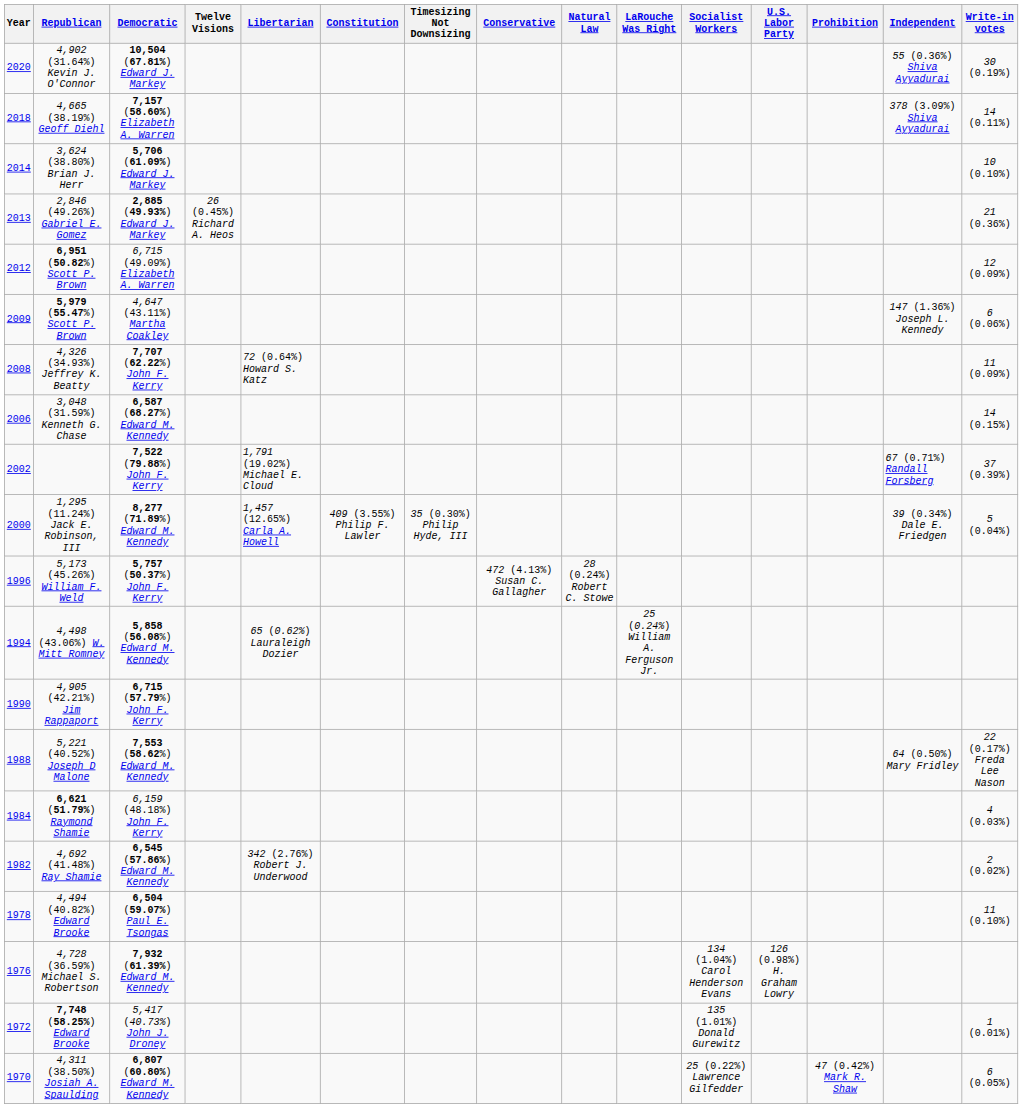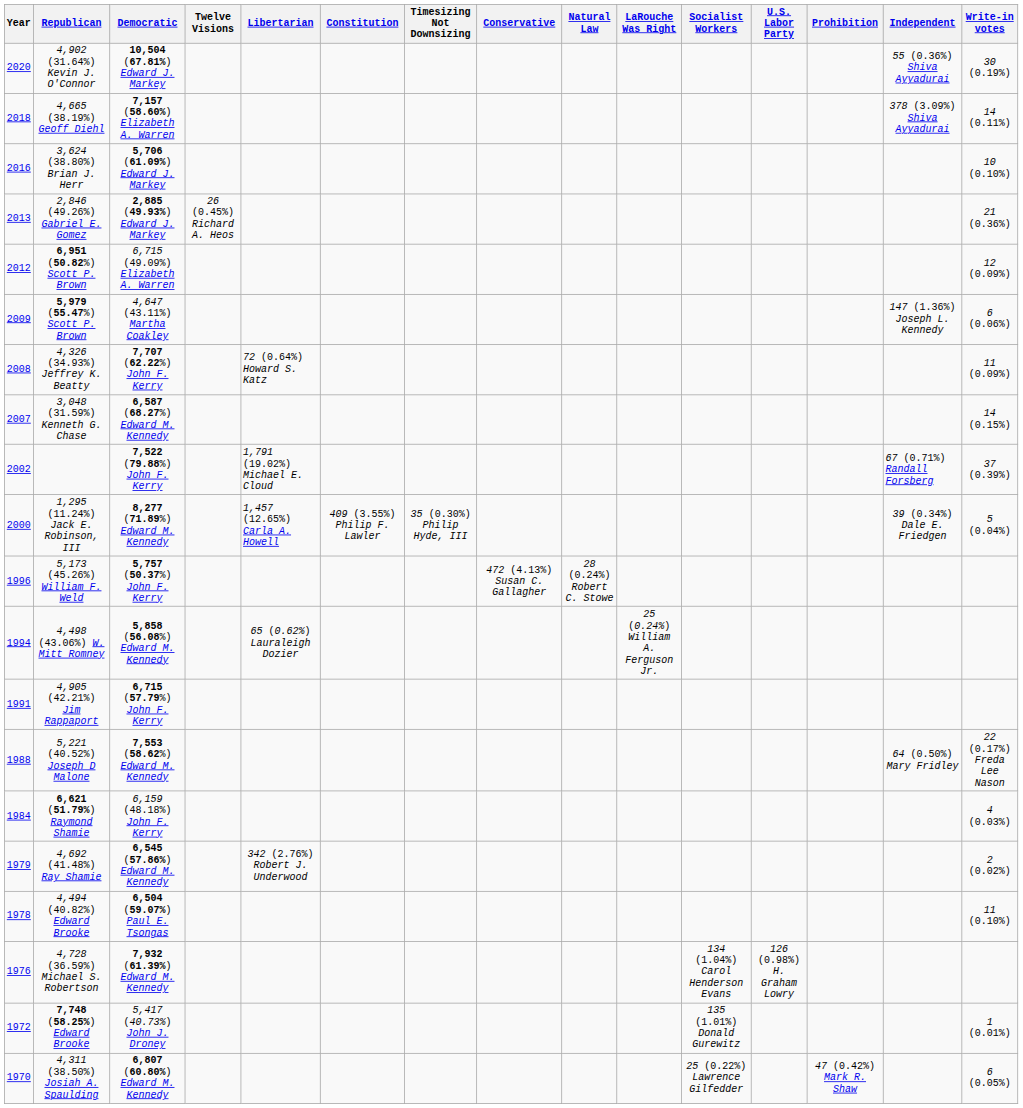 <table class="wikitable sortable mw-collapsible mw-collapsed" style="font-size:95%;">
 <tr style="background:lightgrey;">
 <th>Year</th>
 <th><a href='#'>Republican</a></th>
 <th><a href='#'>Democratic</a></th>
 <th>Twelve Visions</th>
 <th><a href='#'>Libertarian</a></th>
 <th><a href='#'>Constitution</a></th>
 <th>Timesizing Not Downsizing</th>
 <th><a href='#'>Conservative</a></th>
 <th><a href='#'>Natural Law</a></th>
 <th><a href='#'>LaRouche Was Right</a></th>
 <th><a href='#'>Socialist Workers</a></th>
 <th><a href='#'>U.S. Labor Party</a></th>
 <th><a href='#'>Prohibition</a></th>
 <th><a href='#'>Independent</a></th>
 <th><a href='#'>Write-in votes</a></th>
 </tr>
 <tr>
 <td style="text-align:center;" ><a href='#'>2020</a></td>
 <td style="text-align:center;" ><em>4,902</em> (31.64%) <em>Kevin J. O'Connor</em></td>
 <td style="text-align:center" ><strong>10,504</strong> (<strong>67.81%</strong>) <a href='#'><em>Edward J. Markey</em></a></td>
 <td></td>
 <td></td>
 <td></td>
 <td></td>
 <td></td>
 <td></td>
 <td></td>
 <td></td>
 <td></td>
 <td></td>
 <td style="text-align:center;" ><em>55</em> (0.36%) <em><a href='#'>Shiva Ayyadurai</a></em></td>
 <td style="text-align:center;"><em>30</em> (0.19%)</td>
 </tr>
 <tr>
 <td style="text-align:center;" ><a href='#'>2018</a></td>
 <td style="text-align:center;" ><em>4,665</em> (38.19%) <em><a href='#'>Geoff Diehl</a></em></td>
 <td style="text-align:center; " ><strong>7,157</strong> (<strong>58.60%</strong>) <a href='#'><em>Elizabeth A. Warren</em></a></td>
 <td></td>
 <td></td>
 <td></td>
 <td></td>
 <td></td>
 <td></td>
 <td></td>
 <td></td>
 <td></td>
 <td></td>
 <td style="text-align:center;" ><em>378</em> (3.09%) <em><a href='#'>Shiva Ayyadurai</a></em></td>
 <td style="text-align:center;"><em>14</em> (0.11%)</td>
 </tr>
 <tr>
-<td style="text-align:center;" ><a href='#'>2014</a></td>
+<td style="text-align:center;" ><a href='#'>2016</a></td>
 <td style="text-align:center;" ><em>3,624</em> (38.80%) <em>Brian J. Herr</em></td>
 <td style="text-align:center;" ><strong>5,706</strong> (<strong>61.09%</strong>) <a href='#'><em>Edward J. Markey</em></a></td>
 <td></td>
 <td></td>
 <td></td>
 <td></td>
 <td></td>
 <td></td>
 <td></td>
 <td></td>
 <td></td>
 <td></td>
 <td></td>
 <td style="text-align:center;"><em>10</em> (0.10%)</td>
 </tr>
 <tr>
 <td style="text-align:center;" ><a href='#'>2013</a></td>
 <td style="text-align:center;" ><em>2,846</em> (49.26%) <em><a href='#'>Gabriel E. Gomez</a></em></td>
 <td style="text-align:center;" ><strong>2,885</strong> (<strong>49.93%</strong>) <a href='#'><em>Edward J. Markey</em></a></td>
 <td style="text-align:center;" ><em>26</em> (0.45%) <em>Richard A. Heos</em></td>
 <td></td>
 <td></td>
 <td></td>
 <td></td>
 <td></td>
 <td></td>
 <td></td>
 <td></td>
 <td></td>
 <td></td>
 <td style="text-align:center;"><em>21</em> (0.36%)</td>
 </tr>
 <tr>
 <td style="text-align:center;" ><a href='#'>2012</a></td>
 <td style="text-align:center;" ><strong>6,951</strong> (<strong>50.82</strong>%) <a href='#'><em>Scott P. Brown</em></a></td>
 <td style="text-align:center;" ><em>6,715</em> (49.09%) <a href='#'><em>Elizabeth A. Warren</em></a></td>
 <td></td>
 <td></td>
 <td></td>
 <td></td>
 <td></td>
 <td></td>
 <td></td>
 <td></td>
 <td></td>
 <td></td>
 <td></td>
 <td style="text-align:center;"><em>12</em> (0.09%)</td>
 </tr>
 <tr>
 <td style="text-align:center;" ><a href='#'>2009</a></td>
 <td style="text-align:center;" ><strong>5,979</strong> (<strong>55.47</strong>%) <a href='#'><em>Scott P. Brown</em></a></td>
 <td style="text-align:center;" ><em>4,647</em> (43.11%) <em><a href='#'>Martha Coakley</a></em></td>
 <td></td>
 <td></td>
 <td></td>
 <td></td>
 <td></td>
 <td></td>
 <td></td>
 <td></td>
 <td></td>
 <td></td>
 <td style="text-align:center;" ><em>147</em> (1.36%) <em>Joseph L. Kennedy</em></td>
 <td style="text-align:center;"><em>6</em> (0.06%)</td>
 </tr>
 <tr>
 <td style="text-align:center;" ><a href='#'>2008</a></td>
 <td style="text-align:center;" ><em>4,326</em> (34.93%) <em>Jeffrey K. Beatty</em></td>
 <td style="text-align:center;" ><strong>7,707</strong> (<strong>62.22</strong>%) <a href='#'><em>John F. Kerry</em></a></td>
 <td></td>
 <td style="paul-align:center;" ><em>72</em> (0.64%) <em>Howard S. Katz</em></td>
 <td></td>
 <td></td>
 <td></td>
 <td></td>
 <td></td>
 <td></td>
 <td></td>
 <td></td>
 <td></td>
 <td style="text-align:center;"><em>11</em> (0.09%)</td>
 </tr>
 <tr>
-<td style="text-align:center;" ><a href='#'>2006</a></td>
+<td style="text-align:center;" ><a href='#'>2007</a></td>
 <td style="text-align:center;" ><em>3,048</em> (31.59%) <em>Kenneth G. Chase</em></td>
 <td style="text-align:center;" ><strong>6,587</strong> (<strong>68.27</strong>%) <a href='#'><em>Edward M. Kennedy</em></a></td>
 <td></td>
 <td></td>
 <td></td>
 <td></td>
 <td></td>
 <td></td>
 <td></td>
 <td></td>
 <td></td>
 <td></td>
 <td></td>
 <td style="text-align:center;"><em>14</em> (0.15%)</td>
 </tr>
 <tr>
 <td style="text-align:center;" ><a href='#'>2002</a></td>
 <td></td>
 <td style="text-align:center;" ><strong>7,522</strong> (<strong>79.88</strong>%) <a href='#'><em>John F. Kerry</em></a></td>
 <td></td>
 <td style="paul-align:center;" ><em>1,791</em> (19.02%) <em>Michael E. Cloud</em></td>
 <td></td>
 <td></td>
 <td></td>
 <td></td>
 <td></td>
 <td></td>
 <td></td>
 <td></td>
 <td style="paul-align:center;" ><em>67</em> (0.71%) <em><a href='#'>Randall Forsberg</a></em></td>
 <td style="text-align:center;"><em>37</em> (0.39%)</td>
 </tr>
 <tr>
 <td style="text-align:center;" ><a href='#'>2000</a></td>
 <td style="text-align:center;" ><em>1,295</em> (11.24%) <em>Jack E. Robinson, III</em></td>
 <td style="text-align:center;" ><strong>8,277</strong> (<strong>71.89</strong>%) <a href='#'><em>Edward M. Kennedy</em></a></td>
 <td></td>
 <td style="paul-align:center;" ><em>1,457</em> (12.65%) <a href='#'><em>Carla A. Howell</em></a></td>
 <td style="text-align:center;" ><em>409</em> (3.55%) <em>Philip F. Lawler</em></td>
 <td style="text-align:center;" ><em>35</em> (0.30%) <em>Philip Hyde, III</em></td>
 <td></td>
 <td></td>
 <td></td>
 <td></td>
 <td></td>
 <td></td>
 <td style="text-align:center;" ><em>39</em> (0.34%) <em>Dale E. Friedgen</em></td>
 <td style="text-align:center;"><em>5</em> (0.04%)</td>
 </tr>
 <tr>
 <td style="text-align:center;" ><a href='#'>1996</a></td>
 <td style="text-align:center;" ><em>5,173</em> (45.26%) <a href='#'><em>William F. Weld</em></a></td>
 <td style="text-align:center;" ><strong>5,757</strong> (<strong>50.37</strong>%) <a href='#'><em>John F. Kerry</em></a></td>
 <td></td>
 <td></td>
 <td></td>
 <td></td>
 <td style="text-align:center;" ><em>472</em> (4.13%) <em>Susan C. Gallagher</em></td>
 <td style="text-align:center;" ><em>28</em> (0.24%) <em>Robert C. Stowe</em></td>
 <td></td>
 <td></td>
 <td></td>
 <td></td>
 <td></td>
 <td></td>
 </tr>
 <tr>
 <td style="text-align:center;" ><a href='#'>1994</a></td>
 <td style="text-align:center;" ><em>4,498</em> (43.06%) <a href='#'><em>W. Mitt Romney</em></a></td>
 <td style="text-align:center;" ><strong>5,858</strong> (<strong>56.08</strong>%) <a href='#'><em>Edward M. Kennedy</em></a></td>
 <td></td>
 <td style="text-align:center;" ><em>65</em> (<em>0.62%</em>) <em>Lauraleigh Dozier</em></td>
 <td></td>
 <td></td>
 <td></td>
 <td></td>
 <td style="text-align:center;" ><em>25</em> (<em>0.24%</em>) <em>William A. Ferguson Jr.</em></td>
 <td></td>
 <td></td>
 <td></td>
 <td></td>
 <td></td>
 </tr>
 <tr>
-<td style="text-align:center;" ><a href='#'>1990</a></td>
+<td style="text-align:center;" ><a href='#'>1991</a></td>
 <td style="text-align:center;" ><em>4,905</em> (42.21%) <em><a href='#'>Jim Rappaport</a></em></td>
 <td style="text-align:center;" ><strong>6,715</strong> (<strong>57.79</strong>%) <a href='#'><em>John F. Kerry</em></a></td>
 <td></td>
 <td></td>
 <td></td>
 <td></td>
 <td></td>
 <td></td>
 <td></td>
 <td></td>
 <td></td>
 <td></td>
 <td></td>
 <td></td>
 </tr>
 <tr>
 <td style="text-align:center;" ><a href='#'>1988</a></td>
 <td style="text-align:center;" ><em>5,221</em> (40.52%) <a href='#'><em>Joseph D Malone</em></a></td>
 <td style="text-align:center;" ><strong>7,553</strong> (<strong>58.62</strong>%) <a href='#'><em>Edward M. Kennedy</em></a></td>
 <td></td>
 <td></td>
 <td></td>
 <td></td>
 <td></td>
 <td></td>
 <td></td>
 <td></td>
 <td></td>
 <td></td>
 <td style="text-align:center;" ><em>64</em> (0.50%) <em>Mary Fridley</em></td>
 <td style="text-align:center;" ><em>22</em> (0.17%) <em>Freda Lee Nason</em></td>
 </tr>
 <tr>
 <td style="text-align:center;" ><a href='#'>1984</a></td>
 <td style="text-align:center;" ><strong>6,621</strong> (<strong>51.79%</strong>) <a href='#'><em>Raymond Shamie</em></a></td>
 <td style="text-align:center;" ><em>6,159</em> (48.18%) <a href='#'><em>John F. Kerry</em></a></td>
 <td></td>
 <td></td>
 <td></td>
 <td></td>
 <td></td>
 <td></td>
 <td></td>
 <td></td>
 <td></td>
 <td></td>
 <td></td>
 <td style="text-align:center;"><em>4</em> (0.03%)</td>
 </tr>
 <tr>
-<td style="text-align:center;" ><a href='#'>1982</a></td>
+<td style="text-align:center;" ><a href='#'>1979</a></td>
 <td style="text-align:center;" ><em>4,692</em> (41.48%) <em><a href='#'>Ray Shamie</a></em></td>
 <td style="text-align:center;" ><strong>6,545</strong> (<strong>57.86%</strong>) <a href='#'><em>Edward M. Kennedy</em></a></td>
 <td></td>
 <td style="text-align:center;" ><em>342</em> (2.76%) <em>Robert J. Underwood</em></td>
 <td></td>
 <td></td>
 <td></td>
 <td></td>
 <td></td>
 <td></td>
 <td></td>
 <td></td>
 <td></td>
 <td style="text-align:center;"><em>2</em> (0.02%)</td>
 </tr>
 <tr>
 <td style="text-align:center;" ><a href='#'>1978</a></td>
 <td style="text-align:center;" ><em>4,494</em> (40.82%) <em><a href='#'>Edward Brooke</a></em></td>
 <td style="text-align:center;" ><strong>6,504</strong> (<strong>59.07%</strong>) <a href='#'><em>Paul E. Tsongas</em></a></td>
 <td></td>
 <td></td>
 <td></td>
 <td></td>
 <td></td>
 <td></td>
 <td></td>
 <td></td>
 <td></td>
 <td></td>
 <td></td>
 <td style="text-align:center;"><em>11</em> (0.10%)</td>
 </tr>
 <tr>
 <td style="text-align:center;" ><a href='#'>1976</a></td>
 <td style="text-align:center;" ><em>4,728</em> (36.59%) <em>Michael S. Robertson</em></td>
 <td style="text-align:center;" ><strong>7,932</strong> (<strong>61.39%</strong>) <a href='#'><em>Edward M. Kennedy</em></a></td>
 <td></td>
 <td></td>
 <td></td>
 <td></td>
 <td></td>
 <td></td>
 <td></td>
 <td style="text-align:center;" ><em>134</em> (1.04%) <em>Carol Henderson Evans</em></td>
 <td style="text-align:center;" ><em>126</em> (0.98%) <em>H. Graham Lowry</em></td>
 <td></td>
 <td></td>
 <td></td>
 </tr>
 <tr>
 <td style="text-align:center;" ><a href='#'>1972</a></td>
 <td style="text-align:center;" ><strong>7,748</strong> (<strong>58.25%</strong>) <em><a href='#'>Edward Brooke</a></em></td>
 <td style="text-align:center;" ><em>5,417</em> (<em>40.73%</em>) <em><a href='#'>John J. Droney</a></em></td>
 <td></td>
 <td></td>
 <td></td>
 <td></td>
 <td></td>
 <td></td>
 <td></td>
 <td style="text-align:center;" ><em>135</em> (1.01%) <em>Donald Gurewitz</em></td>
 <td></td>
 <td></td>
 <td></td>
 <td style="text-align:center;"><em>1</em> (0.01%)</td>
 </tr>
 <tr>
 <td style="text-align:center;" ><a href='#'>1970</a></td>
 <td style="text-align:center;" ><em>4,311</em> (38.50%) <a href='#'><em>Josiah A. Spaulding</em></a></td>
 <td style="text-align:center;" ><strong>6,807</strong> (<strong>60.80%</strong>) <a href='#'><em>Edward M. Kennedy</em></a></td>
 <td></td>
 <td></td>
 <td></td>
 <td></td>
 <td></td>
 <td></td>
 <td></td>
 <td style="text-align:center;" ><em>25</em> (0.22%) <em>Lawrence Gilfedder</em></td>
 <td></td>
 <td style="text-align:center;" ><em>47</em> (0.42%) <em><a href='#'>Mark R. Shaw</a></em></td>
 <td></td>
 <td style="text-align:center;"><em>6</em> (0.05%)</td>
 </tr>
 </table>
